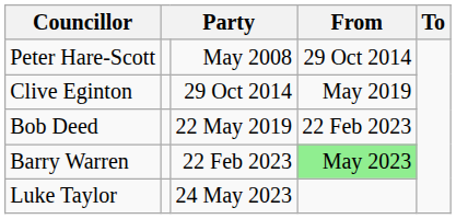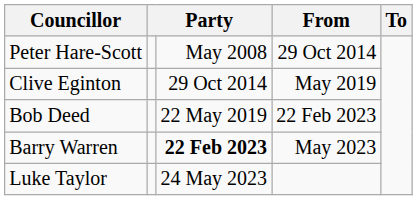 <table class=wikitable>
 <tr>
 <th>Councillor</th>
 <th colspan=2>Party</th>
 <th>From</th>
 <th>To</th>
 </tr>
 <tr>
 <td>Peter Hare-Scott</td>
 <td></td>
 <td align=right>May 2008</td>
 <td align=right>29 Oct 2014</td>
 </tr>
 <tr>
 <td>Clive Eginton</td>
 <td></td>
 <td align=right>29 Oct 2014</td>
 <td align=right>May 2019</td>
 </tr>
 <tr>
 <td>Bob Deed</td>
 <td></td>
 <td align=right>22 May 2019</td>
 <td align=right>22 Feb 2023</td>
 </tr>
 <tr>
 <td>Barry Warren</td>
 <td></td>
-<td align=right>22 Feb 2023</td>
-<td align=right style="background: lightgreen;">May 2023</td>
+<td align=right><strong>22 Feb 2023</strong></td>
+<td align=right>May 2023</td>
 </tr>
 <tr>
 <td>Luke Taylor</td>
 <td></td>
 <td align=right>24 May 2023</td>
 <td align=right></td>
 </tr>
 </table>
